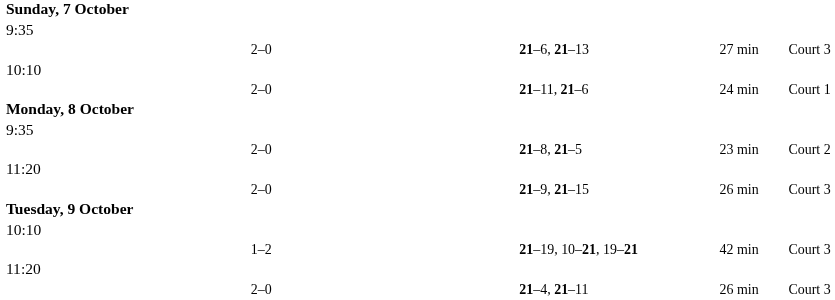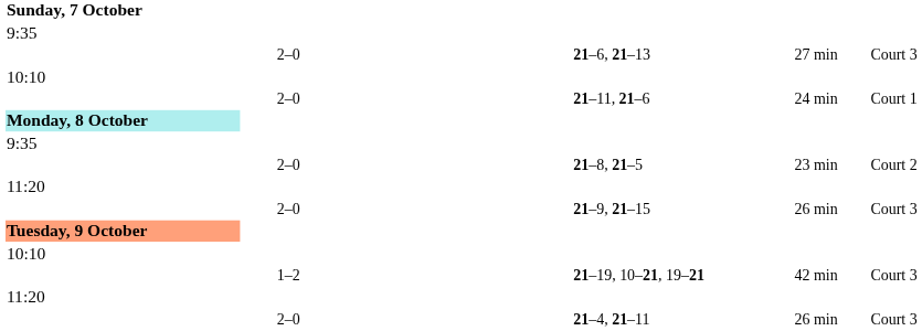 <table style="width:100%;" cellspacing="1">
 <tr>
 <th width=25%></th>
 <th width=10%></th>
 <th width=25%></th>
 </tr>
 <tr>
 <td><strong>Sunday, 7 October</strong></td>
 </tr>
 <tr>
 <td>9:35</td>
 </tr>
 <tr style=font-size:90%>
 <td align=right><strong></strong></td>
 <td align=center>2–0</td>
 <td></td>
 <td><strong>21</strong>–6, <strong>21</strong>–13</td>
 <td>27 min</td>
 <td>Court 3</td>
 </tr>
 <tr>
 <td>10:10</td>
 </tr>
 <tr style=font-size:90%>
 <td align=right><strong></strong></td>
 <td align=center>2–0</td>
 <td></td>
 <td><strong>21</strong>–11, <strong>21</strong>–6</td>
 <td>24 min</td>
 <td>Court 1</td>
 </tr>
 <tr>
-<td><strong>Monday, 8 October</strong></td>
+<td style="background: paleturquoise;"><strong>Monday, 8 October</strong></td>
 </tr>
 <tr>
 <td>9:35</td>
 </tr>
 <tr style=font-size:90%>
 <td align=right><strong></strong></td>
 <td align=center>2–0</td>
 <td></td>
 <td><strong>21</strong>–8, <strong>21</strong>–5</td>
 <td>23 min</td>
 <td>Court 2</td>
 </tr>
 <tr>
 <td>11:20</td>
 </tr>
 <tr style=font-size:90%>
 <td align=right><strong></strong></td>
 <td align=center>2–0</td>
 <td></td>
 <td><strong>21</strong>–9, <strong>21</strong>–15</td>
 <td>26 min</td>
 <td>Court 3</td>
 </tr>
 <tr>
-<td><strong>Tuesday, 9 October</strong></td>
+<td style="background: lightsalmon;"><strong>Tuesday, 9 October</strong></td>
 </tr>
 <tr>
 <td>10:10</td>
 </tr>
 <tr style=font-size:90%>
 <td align=right></td>
 <td align=center>1–2</td>
 <td><strong></strong></td>
 <td><strong>21</strong>–19, 10–<strong>21</strong>, 19–<strong>21</strong></td>
 <td>42 min</td>
 <td>Court 3</td>
 </tr>
 <tr>
 <td>11:20</td>
 </tr>
 <tr style=font-size:90%>
 <td align=right><strong></strong></td>
 <td align=center>2–0</td>
 <td></td>
 <td><strong>21</strong>–4, <strong>21</strong>–11</td>
 <td>26 min</td>
 <td>Court 3</td>
 </tr>
 </table>
